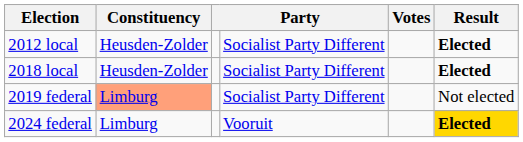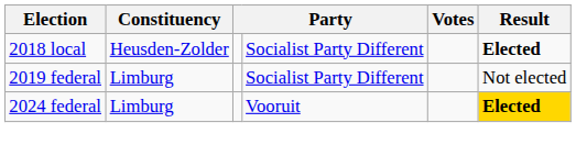 <table class="wikitable" style="text-align:left;">
 <tr>
 <th scope=col>Election</th>
 <th scope=col>Constituency</th>
 <th scope=col colspan="2">Party</th>
 <th scope=col>Votes</th>
 <th scope=col>Result</th>
-</tr>
-<tr>
-<td><a href='#'>2012 local</a></td>
-<td><a href='#'>Heusden-Zolder</a></td>
-<td style="background:"></td>
-<td><a href='#'>Socialist Party Different</a></td>
-<td align=right></td>
-<td><strong>Elected</strong></td>
 </tr>
 <tr>
 <td><a href='#'>2018 local</a></td>
 <td><a href='#'>Heusden-Zolder</a></td>
 <td style="background:"></td>
 <td><a href='#'>Socialist Party Different</a></td>
 <td align=right></td>
 <td><strong>Elected</strong></td>
 </tr>
 <tr>
 <td><a href='#'>2019 federal</a></td>
-<td style="background: lightsalmon;"><a href='#'>Limburg</a></td>
+<td><a href='#'>Limburg</a></td>
 <td style="background:"></td>
 <td><a href='#'>Socialist Party Different</a></td>
 <td align=right></td>
 <td>Not elected</td>
 </tr>
 <tr>
 <td><a href='#'>2024 federal</a></td>
 <td><a href='#'>Limburg</a></td>
 <td style="background:"></td>
 <td><a href='#'>Vooruit</a></td>
 <td align=right></td>
 <td style="background: gold;"><strong>Elected</strong></td>
 </tr>
 </table>
